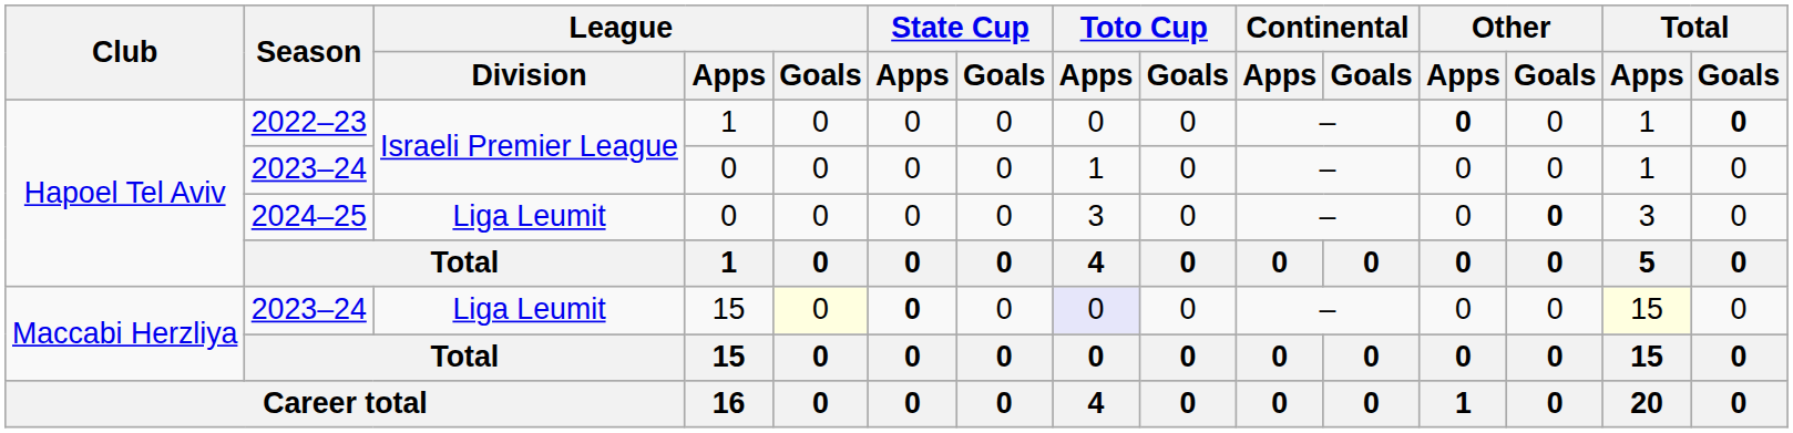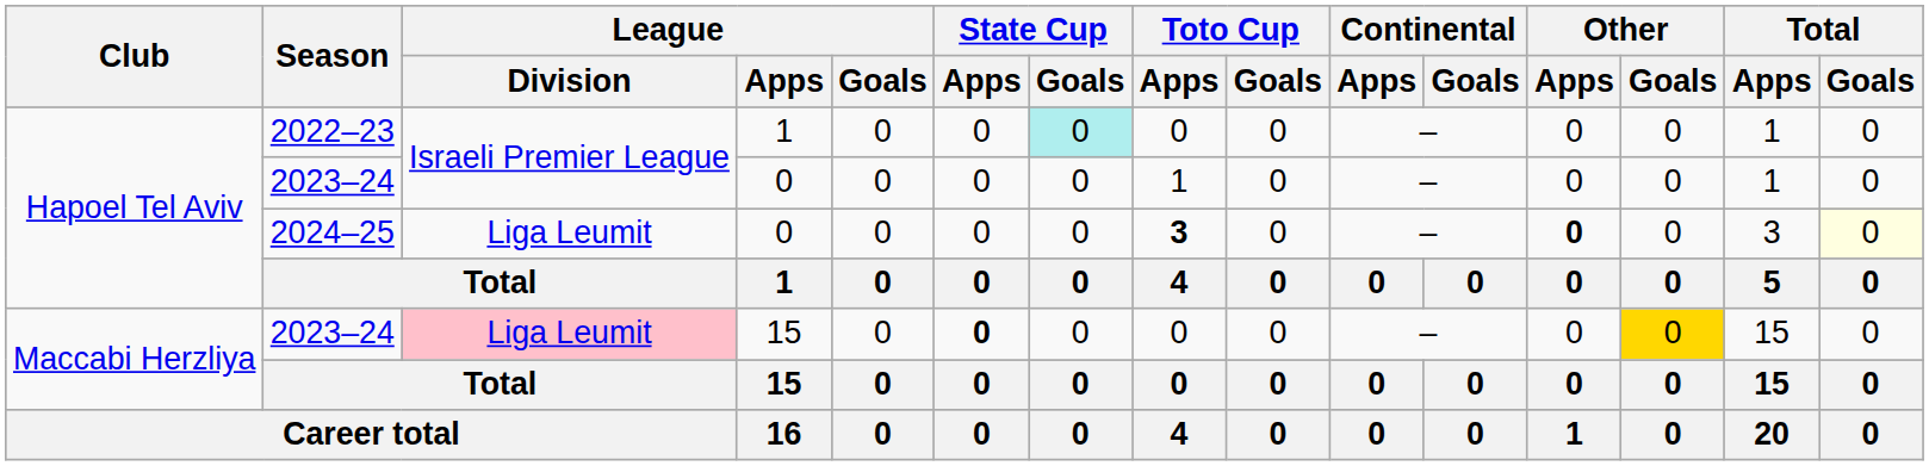 <table class="wikitable" style="text-align: center">
 <tr>
 <th rowspan="2">Club</th>
 <th rowspan="2">Season</th>
 <th colspan="3">League</th>
 <th colspan="2"><a href='#'>State Cup</a></th>
 <th colspan="2"><a href='#'>Toto Cup</a></th>
 <th colspan="2">Continental</th>
 <th colspan="2">Other</th>
 <th colspan="2">Total</th>
 </tr>
 <tr>
 <th>Division</th>
 <th>Apps</th>
 <th>Goals</th>
 <th>Apps</th>
 <th>Goals</th>
 <th>Apps</th>
 <th>Goals</th>
 <th>Apps</th>
 <th>Goals</th>
 <th>Apps</th>
 <th>Goals</th>
 <th>Apps</th>
 <th>Goals</th>
 </tr>
 <tr>
 <td rowspan="4"><a href='#'>Hapoel Tel Aviv</a></td>
 <td><a href='#'>2022–23</a></td>
 <td rowspan="2"><a href='#'>Israeli Premier League</a></td>
 <td>1</td>
 <td>0</td>
 <td>0</td>
-<td>0</td>
+<td style="background: paleturquoise;">0</td>
 <td>0</td>
 <td>0</td>
 <td colspan="2">–</td>
-<td><strong>0</strong></td>
+<td>0</td>
 <td>0</td>
 <td>1</td>
-<td><strong>0</strong></td>
+<td>0</td>
 </tr>
 <tr>
 <td><a href='#'>2023–24</a></td>
 <td>0</td>
 <td>0</td>
 <td>0</td>
 <td>0</td>
 <td>1</td>
 <td>0</td>
 <td colspan="2">–</td>
 <td>0</td>
 <td>0</td>
 <td>1</td>
 <td>0</td>
 </tr>
 <tr>
 <td><a href='#'>2024–25</a></td>
 <td rowspan="1"><a href='#'>Liga Leumit</a></td>
 <td>0</td>
 <td>0</td>
 <td>0</td>
 <td>0</td>
-<td>3</td>
+<td><strong>3</strong></td>
 <td>0</td>
 <td colspan="2">–</td>
+<td><strong>0</strong></td>
 <td>0</td>
-<td><strong>0</strong></td>
 <td>3</td>
-<td>0</td>
+<td style="background: lightyellow;">0</td>
 </tr>
 <tr>
 <th colspan="2"><strong>Total</strong></th>
 <th>1</th>
 <th>0</th>
 <th>0</th>
 <th>0</th>
 <th>4</th>
 <th>0</th>
 <th>0</th>
 <th>0</th>
 <th>0</th>
 <th>0</th>
 <th>5</th>
 <th>0</th>
 </tr>
 <tr>
 <td rowspan="2"><a href='#'>Maccabi Herzliya</a></td>
 <td><a href='#'>2023–24</a></td>
-<td rowspan="1"><a href='#'>Liga Leumit</a></td>
+<td rowspan="1" style="background: pink;"><a href='#'>Liga Leumit</a></td>
 <td>15</td>
-<td style="background: lightyellow;">0</td>
+<td>0</td>
 <td><strong>0</strong></td>
 <td>0</td>
-<td style="background: lavender;">0</td>
+<td>0</td>
 <td>0</td>
 <td colspan="2">–</td>
 <td>0</td>
-<td>0</td>
-<td style="background: lightyellow;">15</td>
+<td style="background: gold;">0</td>
+<td>15</td>
 <td>0</td>
 </tr>
 <tr>
 <th colspan="2"><strong>Total</strong></th>
 <th>15</th>
 <th>0</th>
 <th>0</th>
 <th>0</th>
 <th>0</th>
 <th>0</th>
 <th>0</th>
 <th>0</th>
 <th>0</th>
 <th>0</th>
 <th>15</th>
 <th>0</th>
 </tr>
 <tr>
 <th colspan="3"><strong>Career total</strong></th>
 <th>16</th>
 <th>0</th>
 <th>0</th>
 <th>0</th>
 <th>4</th>
 <th>0</th>
 <th>0</th>
 <th>0</th>
 <th>1</th>
 <th>0</th>
 <th>20</th>
 <th>0</th>
 </tr>
 </table>
